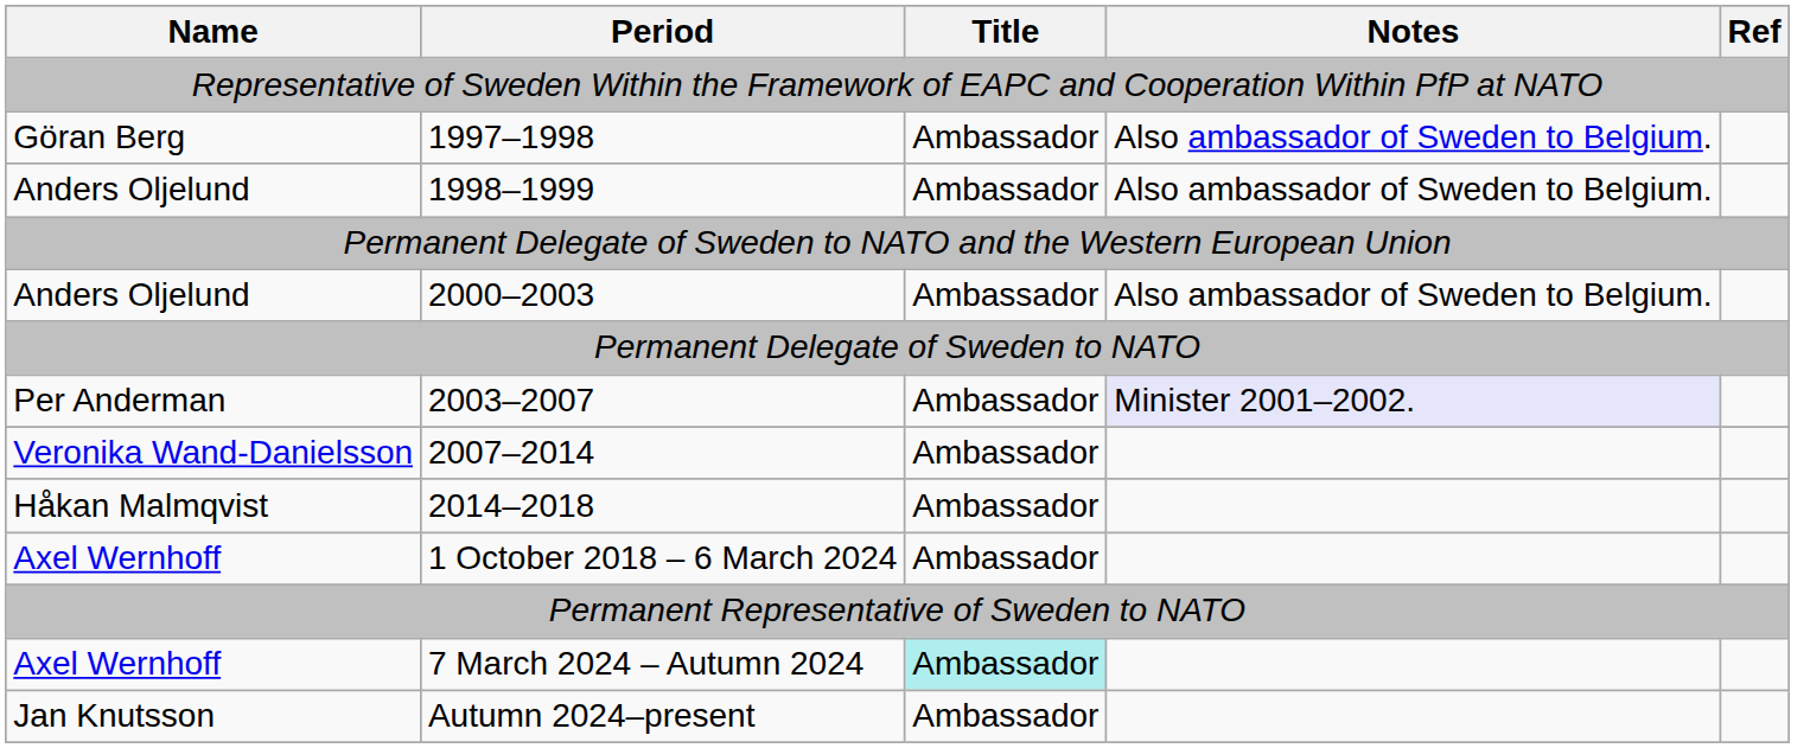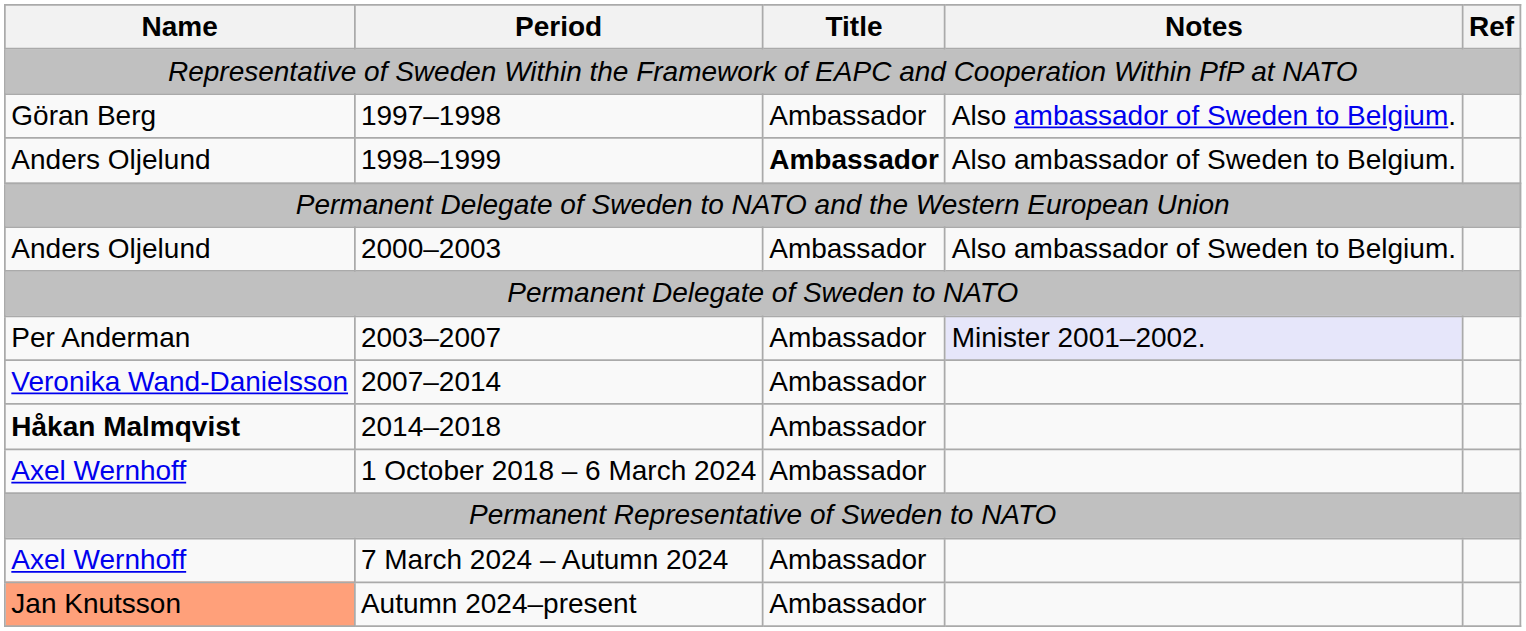 <table class="wikitable">
 <tr>
 <th>Name</th>
 <th>Period</th>
 <th>Title</th>
 <th>Notes</th>
 <th>Ref</th>
 </tr>
 <tr>
 <td colspan="8" style="background: silver; text-align: center;"><em>Representative of Sweden Within the Framework of EAPC and Cooperation Within PfP at NATO</em></td>
 </tr>
 <tr>
 <td>Göran Berg</td>
 <td>1997–1998</td>
 <td>Ambassador</td>
 <td>Also <a href='#'>ambassador of Sweden to Belgium</a>.</td>
 <td></td>
 </tr>
 <tr>
 <td>Anders Oljelund</td>
 <td>1998–1999</td>
-<td>Ambassador</td>
+<td><strong>Ambassador</strong></td>
 <td>Also ambassador of Sweden to Belgium.</td>
 <td></td>
 </tr>
 <tr>
 <td colspan="8" style="background: silver; text-align: center;"><em>Permanent Delegate of Sweden to NATO and the Western European Union</em></td>
 </tr>
 <tr>
 <td>Anders Oljelund</td>
 <td>2000–2003</td>
 <td>Ambassador</td>
 <td>Also ambassador of Sweden to Belgium.</td>
 <td></td>
 </tr>
 <tr>
 <td colspan="8" style="background: silver; text-align: center;"><em>Permanent Delegate of Sweden to NATO</em></td>
 </tr>
 <tr>
 <td>Per Anderman</td>
 <td>2003–2007</td>
 <td>Ambassador</td>
 <td style="background: lavender;">Minister 2001–2002.</td>
 <td></td>
 </tr>
 <tr>
 <td><a href='#'>Veronika Wand-Danielsson</a></td>
 <td>2007–2014</td>
 <td>Ambassador</td>
 <td></td>
 <td></td>
 </tr>
 <tr>
-<td>Håkan Malmqvist</td>
+<td><strong>Håkan Malmqvist</strong></td>
 <td>2014–2018</td>
 <td>Ambassador</td>
 <td></td>
 <td></td>
 </tr>
 <tr>
 <td><a href='#'>Axel Wernhoff</a></td>
 <td>1 October 2018 – 6 March 2024</td>
 <td>Ambassador</td>
 <td></td>
 <td></td>
 </tr>
 <tr>
 <td colspan="8" style="background: silver; text-align: center;"><em>Permanent Representative of Sweden to NATO</em></td>
 </tr>
 <tr>
 <td><a href='#'>Axel Wernhoff</a></td>
 <td>7 March 2024 – Autumn 2024</td>
-<td style="background: paleturquoise;">Ambassador</td>
+<td>Ambassador</td>
 <td></td>
 <td></td>
 </tr>
 <tr>
-<td>Jan Knutsson</td>
+<td style="background: lightsalmon;">Jan Knutsson</td>
 <td>Autumn 2024–present</td>
 <td>Ambassador</td>
 <td></td>
 <td></td>
 </tr>
 </table>
